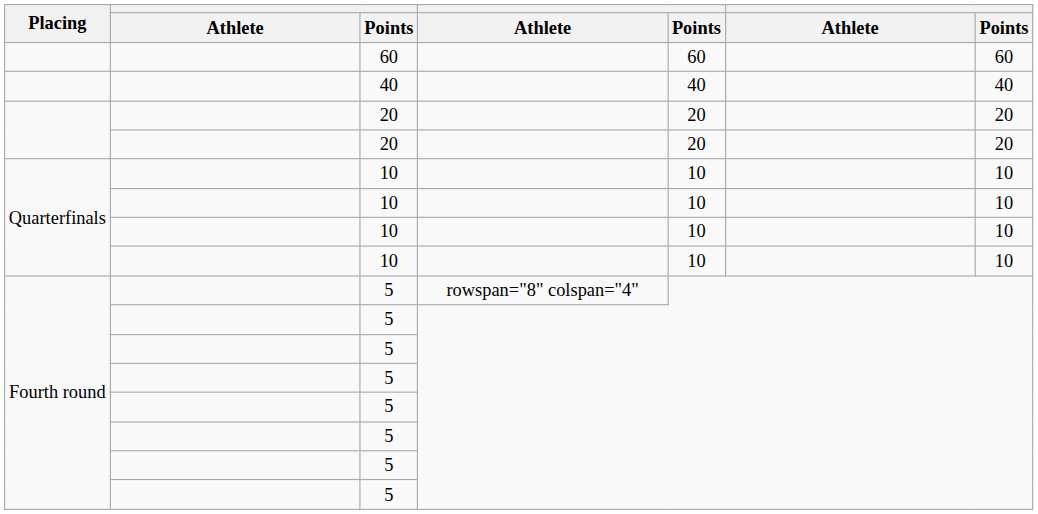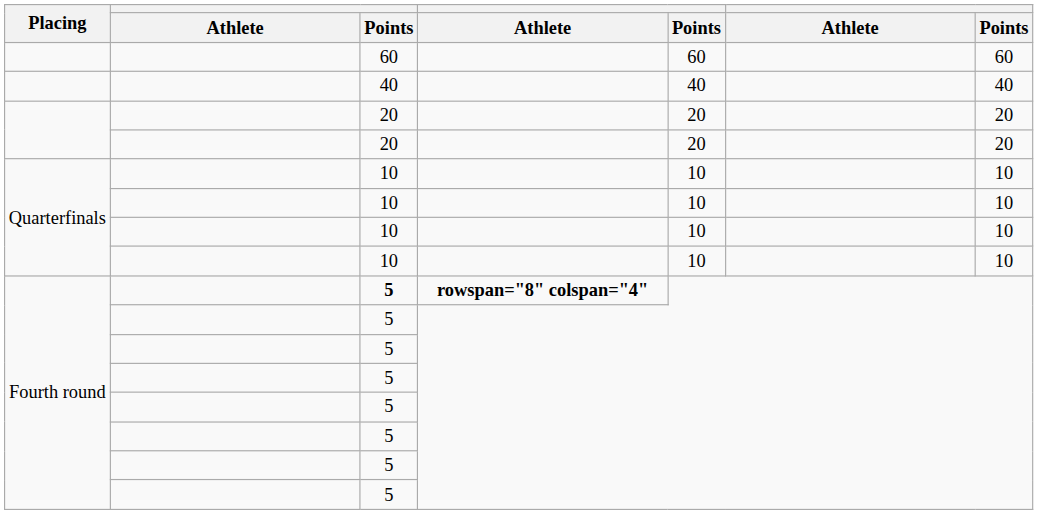 <table class="wikitable" style="text-align:center;">
 <tr>
 <th rowspan="2">Placing</th>
 <th colspan="2"></th>
 <th colspan="2"></th>
 <th colspan="2"></th>
 </tr>
 <tr>
 <th style="width:210px;">Athlete</th>
 <th>Points</th>
 <th style="width:210px;">Athlete</th>
 <th>Points</th>
 <th style="width:210px;">Athlete</th>
 <th>Points</th>
 </tr>
 <tr>
 <td></td>
 <td align="left"></td>
 <td>60</td>
 <td align="left"><br></td>
 <td>60</td>
 <td align="left"><br></td>
 <td>60</td>
 </tr>
 <tr>
 <td></td>
 <td align="left"></td>
 <td>40</td>
 <td align="left"><br></td>
 <td>40</td>
 <td align="left"><br></td>
 <td>40</td>
 </tr>
 <tr>
 <td rowspan="2"></td>
 <td align="left"></td>
 <td>20</td>
 <td align="left"><br></td>
 <td>20</td>
 <td align="left"><br></td>
 <td>20</td>
 </tr>
 <tr>
 <td align="left"></td>
 <td>20</td>
 <td align="left"><br></td>
 <td>20</td>
 <td align="left"><br></td>
 <td>20</td>
 </tr>
 <tr>
 <td rowspan="4">Quarterfinals</td>
 <td align="left"></td>
 <td>10</td>
 <td align="left"><br></td>
 <td>10</td>
 <td align="left"><br></td>
 <td>10</td>
 </tr>
 <tr>
 <td align="left"></td>
 <td>10</td>
 <td align="left"><br></td>
 <td>10</td>
 <td align="left"><br></td>
 <td>10</td>
 </tr>
 <tr>
 <td align="left"></td>
 <td>10</td>
 <td align="left"><br></td>
 <td>10</td>
 <td align="left"><br></td>
 <td>10</td>
 </tr>
 <tr>
 <td align="left"></td>
 <td>10</td>
 <td align="left"><br></td>
 <td>10</td>
 <td align="left"></td>
 <td>10</td>
 </tr>
 <tr>
 <td rowspan="8">Fourth round</td>
 <td align="left"></td>
-<td>5</td>
-<td>rowspan="8" colspan="4" </td>
+<td><strong>5</strong></td>
+<td><strong>rowspan="8" colspan="4" </strong></td>
 </tr>
 <tr>
 <td align="left"></td>
 <td>5</td>
 </tr>
 <tr>
 <td align="left"></td>
 <td>5</td>
 </tr>
 <tr>
 <td align="left"></td>
 <td>5</td>
 </tr>
 <tr>
 <td align="left"></td>
 <td>5</td>
 </tr>
 <tr>
 <td align="left"></td>
 <td>5</td>
 </tr>
 <tr>
 <td align="left"></td>
 <td>5</td>
 </tr>
 <tr>
 <td align="left"></td>
 <td>5</td>
 </tr>
 </table>
